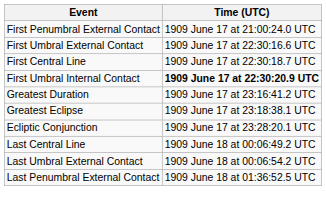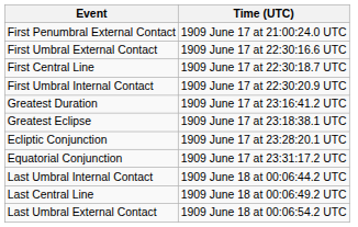 <table class="wikitable">
 <tr>
 <th>Event</th>
 <th>Time (UTC)</th>
 </tr>
 <tr>
 <td>First Penumbral External Contact</td>
 <td>1909 June 17 at 21:00:24.0 UTC</td>
 </tr>
 <tr>
 <td>First Umbral External Contact</td>
 <td>1909 June 17 at 22:30:16.6 UTC</td>
 </tr>
 <tr>
 <td>First Central Line</td>
 <td>1909 June 17 at 22:30:18.7 UTC</td>
 </tr>
 <tr>
 <td>First Umbral Internal Contact</td>
-<td><strong>1909 June 17 at 22:30:20.9 UTC</strong></td>
+<td>1909 June 17 at 22:30:20.9 UTC</td>
 </tr>
 <tr>
 <td>Greatest Duration</td>
 <td>1909 June 17 at 23:16:41.2 UTC</td>
 </tr>
 <tr>
 <td>Greatest Eclipse</td>
 <td>1909 June 17 at 23:18:38.1 UTC</td>
 </tr>
 <tr>
 <td>Ecliptic Conjunction</td>
 <td>1909 June 17 at 23:28:20.1 UTC</td>
 </tr>
 <tr>
+<td>Equatorial Conjunction</td>
+<td>1909 June 17 at 23:31:17.2 UTC</td>
+</tr>
+<tr>
+<td>Last Umbral Internal Contact</td>
+<td>1909 June 18 at 00:06:44.2 UTC</td>
+</tr>
+<tr>
 <td>Last Central Line</td>
 <td>1909 June 18 at 00:06:49.2 UTC</td>
 </tr>
 <tr>
 <td>Last Umbral External Contact</td>
 <td>1909 June 18 at 00:06:54.2 UTC</td>
 </tr>
-<tr>
-<td>Last Penumbral External Contact</td>
-<td>1909 June 18 at 01:36:52.5 UTC</td>
-</tr>
 </table>
